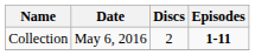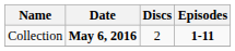 <table class="wikitable" style="text-align:center;">
 <tr>
 <th>Name</th>
 <th>Date</th>
 <th>Discs</th>
 <th>Episodes</th>
 </tr>
 <tr>
 <td>Collection</td>
-<td>May 6, 2016</td>
+<td><strong>May 6, 2016</strong></td>
 <td>2</td>
 <td><strong>1-11</strong></td>
 </tr>
 <tr>
 </tr>
 </table>
